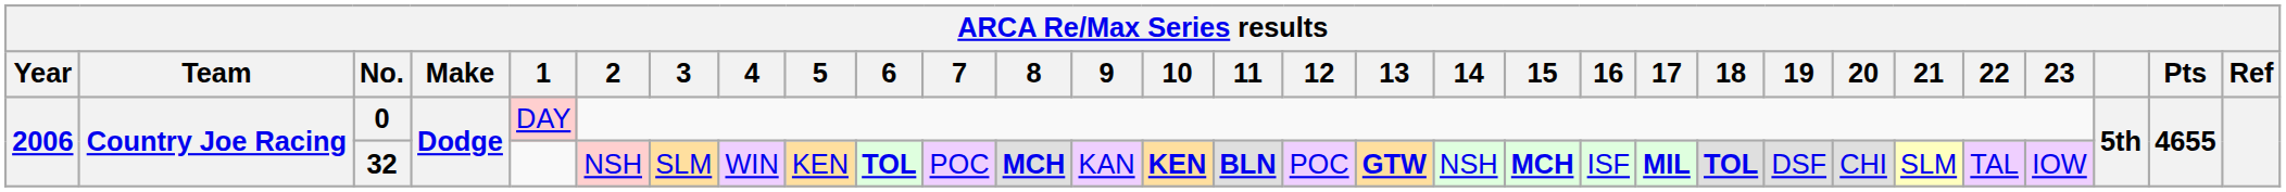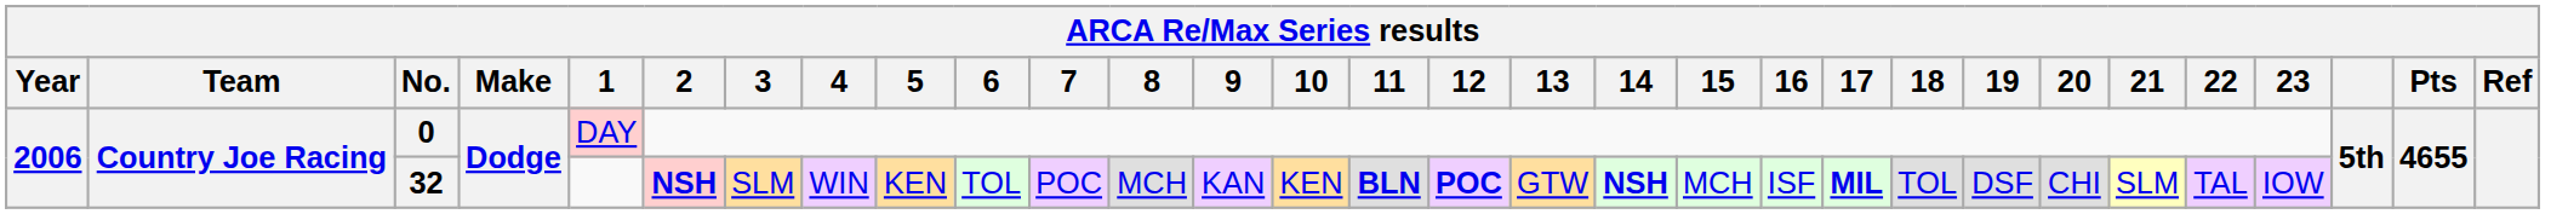 <table class="wikitable" style="text-align:center; font-size:75%">
 <tr>
 <th colspan=30><a href='#'>ARCA Re/Max Series</a> results</th>
 </tr>
 <tr>
 <th>Year</th>
 <th>Team</th>
 <th>No.</th>
 <th>Make</th>
 <th>1</th>
 <th>2</th>
 <th>3</th>
 <th>4</th>
 <th>5</th>
 <th>6</th>
 <th>7</th>
 <th>8</th>
 <th>9</th>
 <th>10</th>
 <th>11</th>
 <th>12</th>
 <th>13</th>
 <th>14</th>
 <th>15</th>
 <th>16</th>
 <th>17</th>
 <th>18</th>
 <th>19</th>
 <th>20</th>
 <th>21</th>
 <th>22</th>
 <th>23</th>
 <th></th>
 <th>Pts</th>
 <th>Ref</th>
 </tr>
 <tr>
 <th rowspan=2><a href='#'>2006</a></th>
 <th rowspan=2><a href='#'>Country Joe Racing</a></th>
 <th>0</th>
 <th rowspan=2><a href='#'>Dodge</a></th>
 <td style="background:#FFCFCF;"><a href='#'>DAY</a><br></td>
 <td colspan=22></td>
 <th rowspan=2>5th</th>
 <th rowspan=2>4655</th>
 <th rowspan=2></th>
 </tr>
 <tr>
 <th>32</th>
 <td></td>
-<td style="background:#FFCFCF;"><a href='#'>NSH</a><br></td>
+<td style="background:#FFCFCF;"><strong><a href='#'>NSH</a><br></strong></td>
 <td style="background:#FFDF9F;"><a href='#'>SLM</a><br></td>
 <td style="background:#EFCFFF;"><a href='#'>WIN</a><br></td>
 <td style="background:#FFDF9F;"><a href='#'>KEN</a><br></td>
-<td style="background:#DFFFDF;"><strong><a href='#'>TOL</a><br></strong></td>
+<td style="background:#DFFFDF;"><a href='#'>TOL</a><br></td>
 <td style="background:#EFCFFF;"><a href='#'>POC</a><br></td>
-<td style="background:#DFDFDF;"><strong><a href='#'>MCH</a><br></strong></td>
+<td style="background:#DFDFDF;"><a href='#'>MCH</a><br></td>
 <td style="background:#EFCFFF;"><a href='#'>KAN</a><br></td>
-<td style="background:#FFDF9F;"><strong><a href='#'>KEN</a><br></strong></td>
+<td style="background:#FFDF9F;"><a href='#'>KEN</a><br></td>
 <td style="background:#DFDFDF;"><strong><a href='#'>BLN</a></strong><br></td>
-<td style="background:#EFCFFF;"><a href='#'>POC</a><br></td>
-<td style="background:#FFDF9F;"><strong><a href='#'>GTW</a><br></strong></td>
-<td style="background:#DFFFDF;"><a href='#'>NSH</a><br></td>
-<td style="background:#DFFFDF;"><strong><a href='#'>MCH</a><br></strong></td>
+<td style="background:#EFCFFF;"><strong><a href='#'>POC</a><br></strong></td>
+<td style="background:#FFDF9F;"><a href='#'>GTW</a><br></td>
+<td style="background:#DFFFDF;"><strong><a href='#'>NSH</a><br></strong></td>
+<td style="background:#DFFFDF;"><a href='#'>MCH</a><br></td>
 <td style="background:#DFFFDF;"><a href='#'>ISF</a><br></td>
 <td style="background:#DFFFDF;"><strong><a href='#'>MIL</a></strong><br></td>
-<td style="background:#DFDFDF;"><strong><a href='#'>TOL</a><br></strong></td>
+<td style="background:#DFDFDF;"><a href='#'>TOL</a><br></td>
 <td style="background:#DFDFDF;"><a href='#'>DSF</a><br></td>
 <td style="background:#DFDFDF;"><a href='#'>CHI</a><br></td>
 <td style="background:#FFFFBF;"><a href='#'>SLM</a><br></td>
 <td style="background:#EFCFFF;"><a href='#'>TAL</a><br></td>
 <td style="background:#EFCFFF;"><a href='#'>IOW</a><br></td>
 </tr>
 </table>
